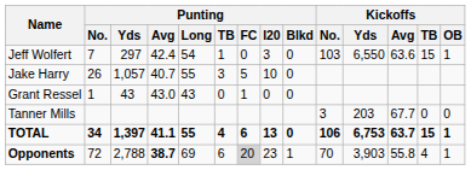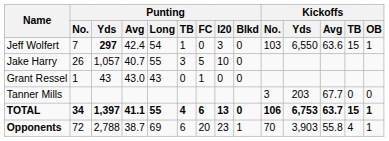 <table class="wikitable" style="white-space:nowrap;">
 <tr>
 <th rowspan="2">Name</th>
 <th colspan="8">Punting</th>
 <th colspan="5">Kickoffs</th>
 </tr>
 <tr>
 <th>No.</th>
 <th>Yds</th>
 <th>Avg</th>
 <th>Long</th>
 <th>TB</th>
 <th>FC</th>
 <th>I20</th>
 <th>Blkd</th>
 <th>No.</th>
 <th>Yds</th>
 <th>Avg</th>
 <th>TB</th>
 <th>OB</th>
 </tr>
 <tr>
 <td>Jeff Wolfert</td>
 <td>7</td>
-<td>  297</td>
+<td><strong>  297</strong></td>
 <td>42.4</td>
 <td>54</td>
 <td>1</td>
 <td>0</td>
 <td>3</td>
 <td>0</td>
 <td>103</td>
 <td>  6,550</td>
 <td>63.6</td>
 <td>15</td>
 <td>1</td>
 </tr>
 <tr>
 <td>Jake Harry</td>
 <td>26</td>
 <td>1,057</td>
 <td>40.7</td>
 <td>55</td>
 <td>3</td>
 <td>5</td>
 <td>10</td>
 <td>0</td>
 <td></td>
 <td></td>
 <td></td>
 <td></td>
 <td></td>
 </tr>
 <tr>
 <td>Grant Ressel</td>
 <td>1</td>
 <td>   43</td>
 <td>43.0</td>
 <td>43</td>
 <td>0</td>
 <td>1</td>
 <td>0</td>
 <td>0</td>
 <td></td>
 <td></td>
 <td></td>
 <td></td>
 <td></td>
 </tr>
 <tr>
 <td>Tanner Mills</td>
 <td></td>
 <td></td>
 <td></td>
 <td></td>
 <td></td>
 <td></td>
 <td></td>
 <td></td>
 <td>3</td>
 <td>   203</td>
 <td>67.7</td>
 <td>0</td>
 <td>0</td>
 </tr>
 <tr>
 <td><strong>TOTAL</strong></td>
 <td><strong>34</strong></td>
 <td><strong>1,397</strong></td>
 <td><strong>41.1</strong></td>
 <td><strong>55</strong></td>
 <td><strong>4</strong></td>
 <td><strong>6</strong></td>
 <td><strong>13</strong></td>
 <td><strong>0</strong></td>
 <td><strong>106</strong></td>
 <td>  <strong>6,753</strong></td>
 <td><strong>63.7</strong></td>
 <td><strong>15</strong></td>
 <td><strong>1</strong></td>
 </tr>
 <tr>
 <td><strong>Opponents</strong></td>
 <td>72</td>
 <td>2,788</td>
-<td><strong>38.7</strong></td>
+<td>38.7</td>
 <td>69</td>
 <td>6</td>
-<td style="background: lightgrey;">20</td>
+<td>20</td>
 <td>23</td>
 <td>1</td>
 <td>70</td>
 <td>  3,903</td>
 <td>55.8</td>
 <td>4</td>
 <td>1</td>
 </tr>
 </table>
